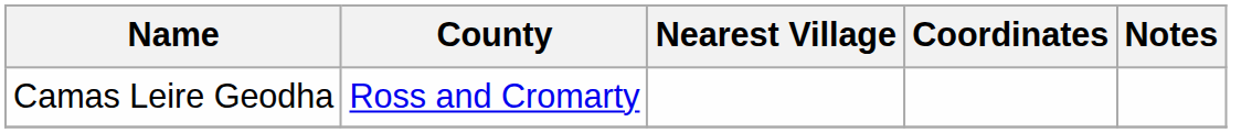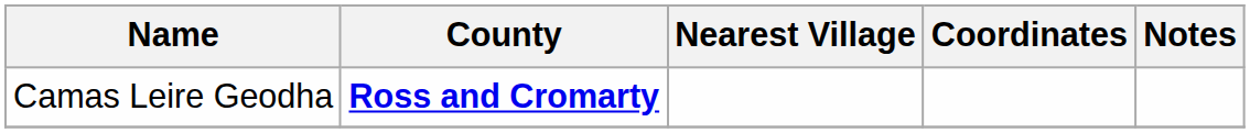 <table class="wikitable sortable" style="table-layout:fixed;background-color:#FEFEFE;font-size:95%;padding:0.30em;line-height:1.35em;">
 <tr>
 <th scope="col">Name</th>
 <th scope="col">County</th>
 <th scope="col">Nearest Village</th>
 <th scope="col" data-sort-type="number">Coordinates</th>
 <th scope="col">Notes</th>
 </tr>
 <tr>
 <td>Camas Leire Geodha</td>
-<td><a href='#'>Ross and Cromarty</a></td>
+<td><strong><a href='#'>Ross and Cromarty</a></strong></td>
 <td></td>
 <td></td>
 <td></td>
 </tr>
 <tr>
 </tr>
 </table>
